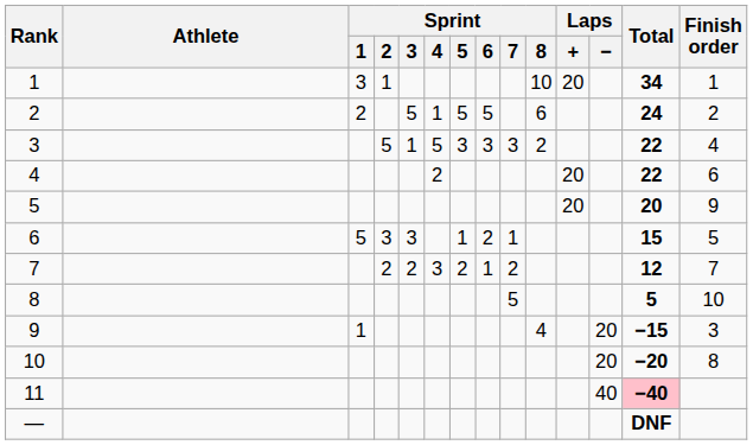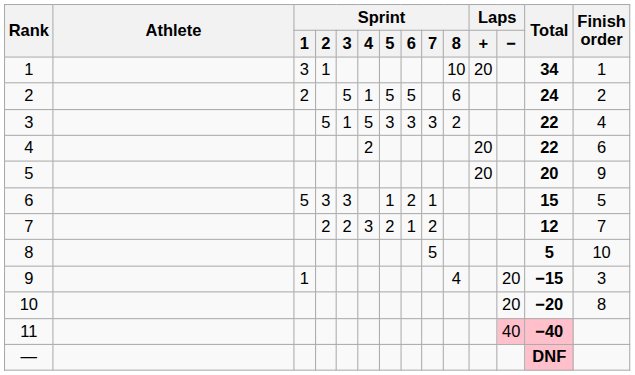 <table class="wikitable" style="text-align:center">
 <tr>
 <th rowspan=2 width=40>Rank</th>
 <th rowspan=2 width=250>Athlete</th>
 <th colspan=8>Sprint</th>
 <th colspan=2>Laps</th>
 <th rowspan=2 width=40>Total</th>
 <th rowspan=2 width=40>Finish order</th>
 </tr>
 <tr>
 <th width=14>1</th>
 <th width=14>2</th>
 <th width=14>3</th>
 <th width=14>4</th>
 <th width=14>5</th>
 <th width=14>6</th>
 <th width=14>7</th>
 <th width=14>8</th>
 <th width=20>+</th>
 <th width=20>−</th>
 </tr>
 <tr>
 <td>1</td>
 <td align=left></td>
 <td>3</td>
 <td>1</td>
 <td></td>
 <td></td>
 <td></td>
 <td></td>
 <td></td>
 <td>10</td>
 <td>20</td>
 <td></td>
 <td><strong>34</strong></td>
 <td>1</td>
 </tr>
 <tr>
 <td>2</td>
 <td align=left></td>
 <td>2</td>
 <td></td>
 <td>5</td>
 <td>1</td>
 <td>5</td>
 <td>5</td>
 <td></td>
 <td>6</td>
 <td></td>
 <td></td>
 <td><strong>24</strong></td>
 <td>2</td>
 </tr>
 <tr>
 <td>3</td>
 <td align=left></td>
 <td></td>
 <td>5</td>
 <td>1</td>
 <td>5</td>
 <td>3</td>
 <td>3</td>
 <td>3</td>
 <td>2</td>
 <td></td>
 <td></td>
 <td><strong>22</strong></td>
 <td>4</td>
 </tr>
 <tr>
 <td>4</td>
 <td align=left></td>
 <td></td>
 <td></td>
 <td></td>
 <td>2</td>
 <td></td>
 <td></td>
 <td></td>
 <td></td>
 <td>20</td>
 <td></td>
 <td><strong>22</strong></td>
 <td>6</td>
 </tr>
 <tr>
 <td>5</td>
 <td align=left></td>
 <td></td>
 <td></td>
 <td></td>
 <td></td>
 <td></td>
 <td></td>
 <td></td>
 <td></td>
 <td>20</td>
 <td></td>
 <td><strong>20</strong></td>
 <td>9</td>
 </tr>
 <tr>
 <td>6</td>
 <td align=left></td>
 <td>5</td>
 <td>3</td>
 <td>3</td>
 <td></td>
 <td>1</td>
 <td>2</td>
 <td>1</td>
 <td></td>
 <td></td>
 <td></td>
 <td><strong>15</strong></td>
 <td>5</td>
 </tr>
 <tr>
 <td>7</td>
 <td align=left></td>
 <td></td>
 <td>2</td>
 <td>2</td>
 <td>3</td>
 <td>2</td>
 <td>1</td>
 <td>2</td>
 <td></td>
 <td></td>
 <td></td>
 <td><strong>12</strong></td>
 <td>7</td>
 </tr>
 <tr>
 <td>8</td>
 <td align=left></td>
 <td></td>
 <td></td>
 <td></td>
 <td></td>
 <td></td>
 <td></td>
 <td>5</td>
 <td></td>
 <td></td>
 <td></td>
 <td><strong>5</strong></td>
 <td>10</td>
 </tr>
 <tr>
 <td>9</td>
 <td align=left></td>
 <td>1</td>
 <td></td>
 <td></td>
 <td></td>
 <td></td>
 <td></td>
 <td></td>
 <td>4</td>
 <td></td>
 <td>20</td>
 <td><strong>−15</strong></td>
 <td>3</td>
 </tr>
 <tr>
 <td>10</td>
 <td align=left></td>
 <td></td>
 <td></td>
 <td></td>
 <td></td>
 <td></td>
 <td></td>
 <td></td>
 <td></td>
 <td></td>
 <td>20</td>
 <td><strong>−20</strong></td>
 <td>8</td>
 </tr>
 <tr>
 <td>11</td>
 <td align=left></td>
 <td></td>
 <td></td>
 <td></td>
 <td></td>
 <td></td>
 <td></td>
 <td></td>
 <td></td>
 <td></td>
-<td>40</td>
+<td style="background: pink;">40</td>
 <td style="background: pink;"><strong>−40</strong></td>
 <td></td>
 </tr>
 <tr>
 <td>—</td>
 <td align=left></td>
 <td></td>
 <td></td>
 <td></td>
 <td></td>
 <td></td>
 <td></td>
 <td></td>
 <td></td>
 <td></td>
 <td></td>
-<td><strong>DNF</strong></td>
+<td style="background: pink;"><strong>DNF</strong></td>
 <td></td>
 </tr>
 </table>
